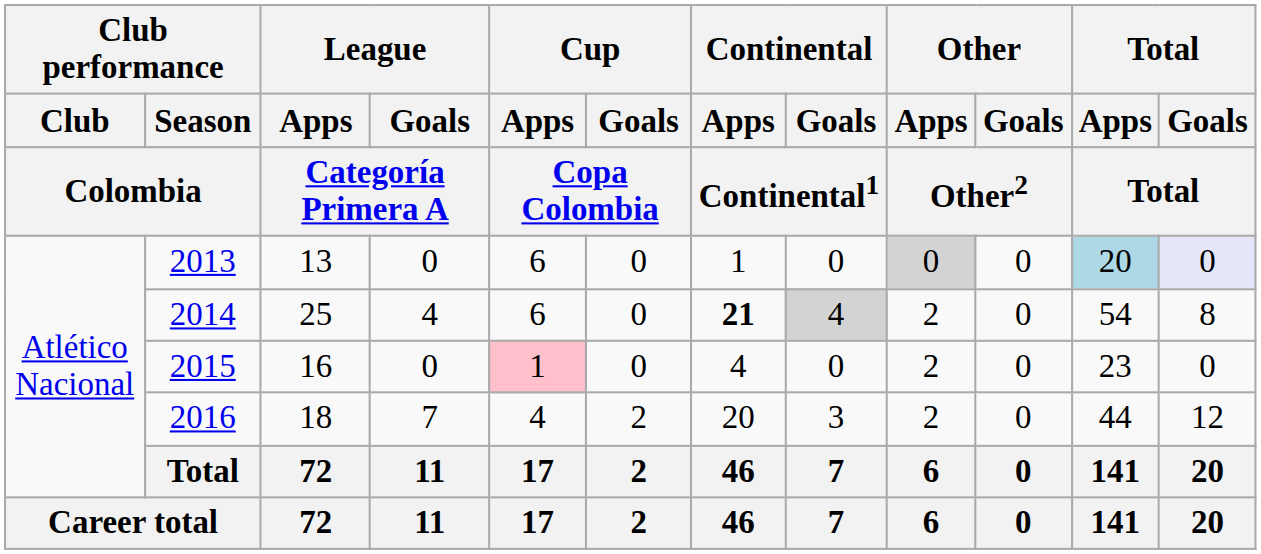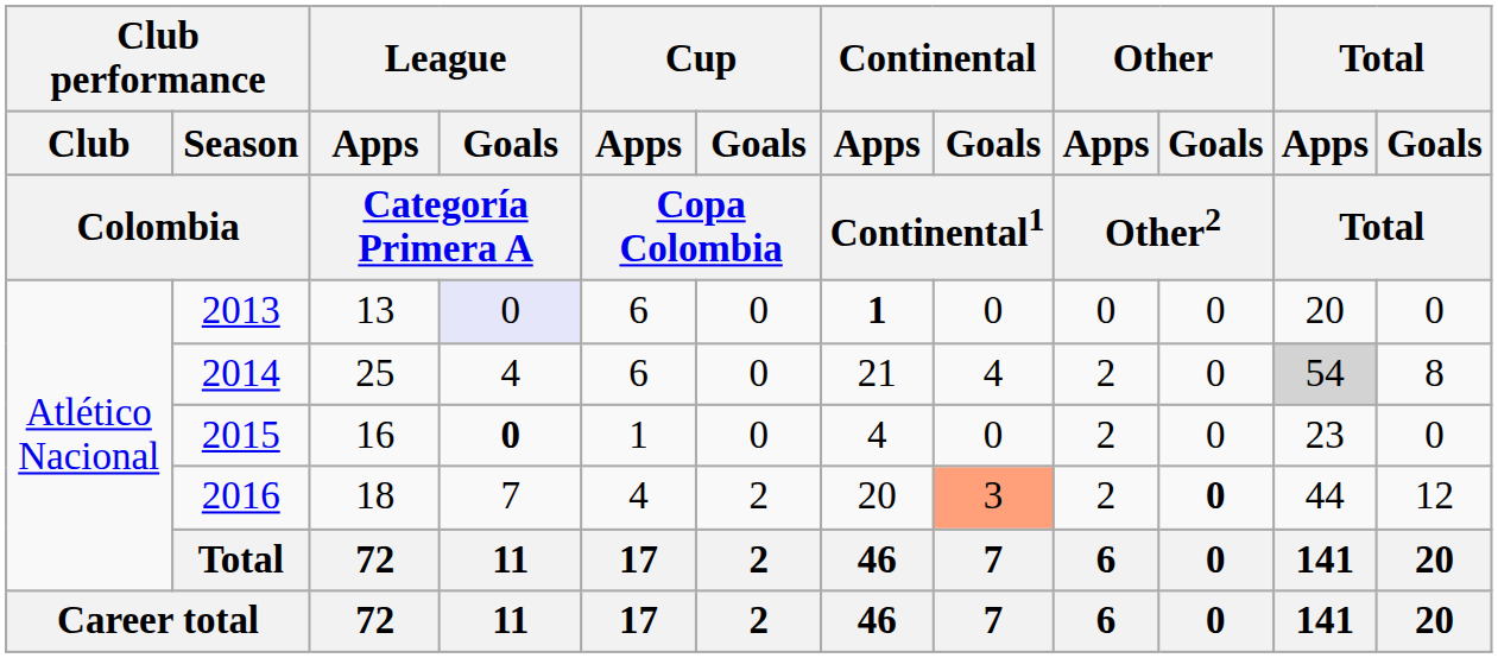 <table class="wikitable" style="text-align:center">
 <tr>
 <th colspan=2>Club performance</th>
 <th colspan=2>League</th>
 <th colspan=2>Cup</th>
 <th colspan=2>Continental</th>
 <th colspan=2>Other</th>
 <th colspan=2>Total</th>
 </tr>
 <tr>
 <th>Club</th>
 <th>Season</th>
 <th>Apps</th>
 <th>Goals</th>
 <th>Apps</th>
 <th>Goals</th>
 <th>Apps</th>
 <th>Goals</th>
 <th>Apps</th>
 <th>Goals</th>
 <th>Apps</th>
 <th>Goals</th>
 </tr>
 <tr>
 <th colspan=2>Colombia</th>
 <th colspan=2><a href='#'>Categoría Primera A</a></th>
 <th colspan=2><a href='#'>Copa Colombia</a></th>
 <th colspan=2>Continental<sup>1</sup></th>
 <th colspan=2>Other<sup>2</sup></th>
 <th colspan=2>Total</th>
 </tr>
 <tr>
 <td rowspan="5"><a href='#'>Atlético<br>Nacional</a></td>
 <td><a href='#'>2013</a></td>
 <td>13</td>
-<td>0</td>
+<td style="background: lavender;">0</td>
 <td>6</td>
 <td>0</td>
-<td>1</td>
+<td><strong>1</strong></td>
 <td>0</td>
-<td style="background: lightgrey;">0</td>
 <td>0</td>
-<td style="background: lightblue;">20</td>
-<td style="background: lavender;">0</td>
+<td>0</td>
+<td>20</td>
+<td>0</td>
 </tr>
 <tr>
 <td><a href='#'>2014</a></td>
 <td>25</td>
 <td>4</td>
 <td>6</td>
 <td>0</td>
-<td><strong>21</strong></td>
-<td style="background: lightgrey;">4</td>
+<td>21</td>
+<td>4</td>
 <td>2</td>
 <td>0</td>
-<td>54</td>
+<td style="background: lightgrey;">54</td>
 <td>8</td>
 </tr>
 <tr>
 <td><a href='#'>2015</a></td>
 <td>16</td>
-<td>0</td>
-<td style="background: pink;">1</td>
+<td><strong>0</strong></td>
+<td>1</td>
 <td>0</td>
 <td>4</td>
 <td>0</td>
 <td>2</td>
 <td>0</td>
 <td>23</td>
 <td>0</td>
 </tr>
 <tr>
 <td><a href='#'>2016</a></td>
 <td>18</td>
 <td>7</td>
 <td>4</td>
 <td>2</td>
 <td>20</td>
-<td>3</td>
+<td style="background: lightsalmon;">3</td>
 <td>2</td>
-<td>0</td>
+<td><strong>0</strong></td>
 <td>44</td>
 <td>12</td>
 </tr>
 <tr>
 <th rowspan=1>Total</th>
 <th>72</th>
 <th>11</th>
 <th>17</th>
 <th>2</th>
 <th>46</th>
 <th>7</th>
 <th>6</th>
 <th>0</th>
 <th>141</th>
 <th>20</th>
 </tr>
 <tr>
 <th colspan=2>Career total</th>
 <th>72</th>
 <th>11</th>
 <th>17</th>
 <th>2</th>
 <th>46</th>
 <th>7</th>
 <th>6</th>
 <th>0</th>
 <th>141</th>
 <th>20</th>
 </tr>
 </table>
